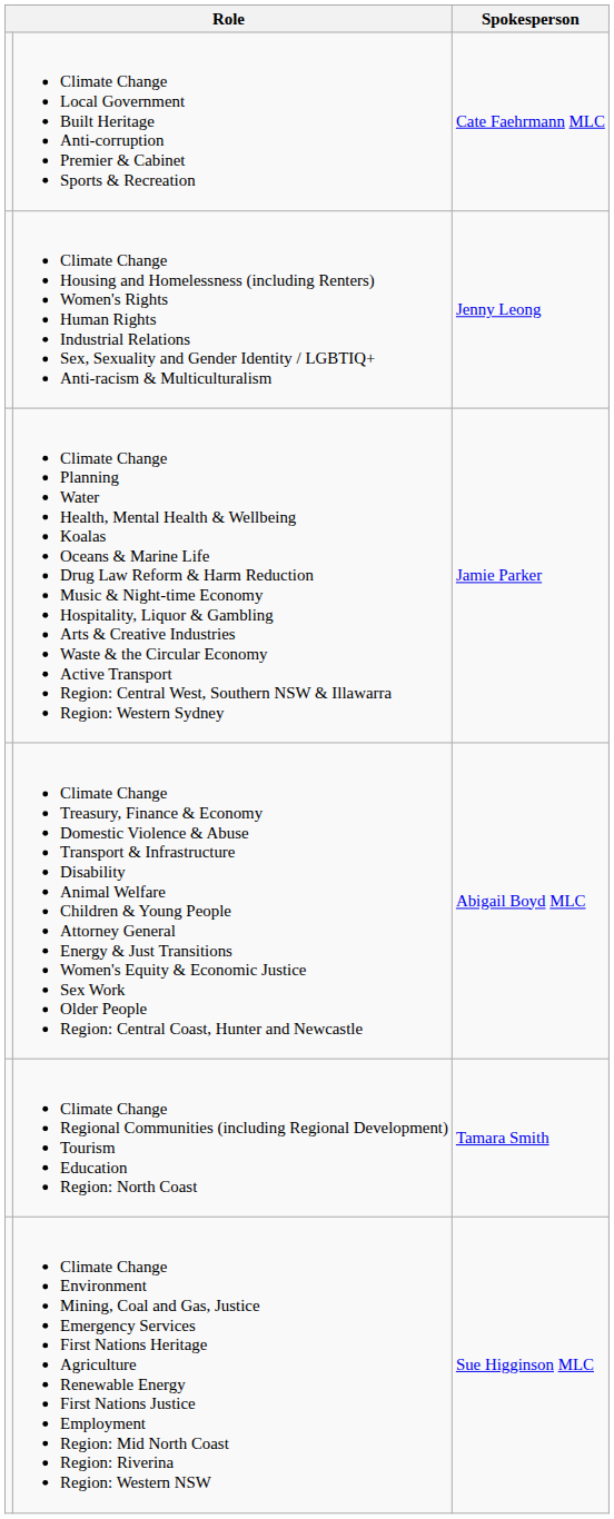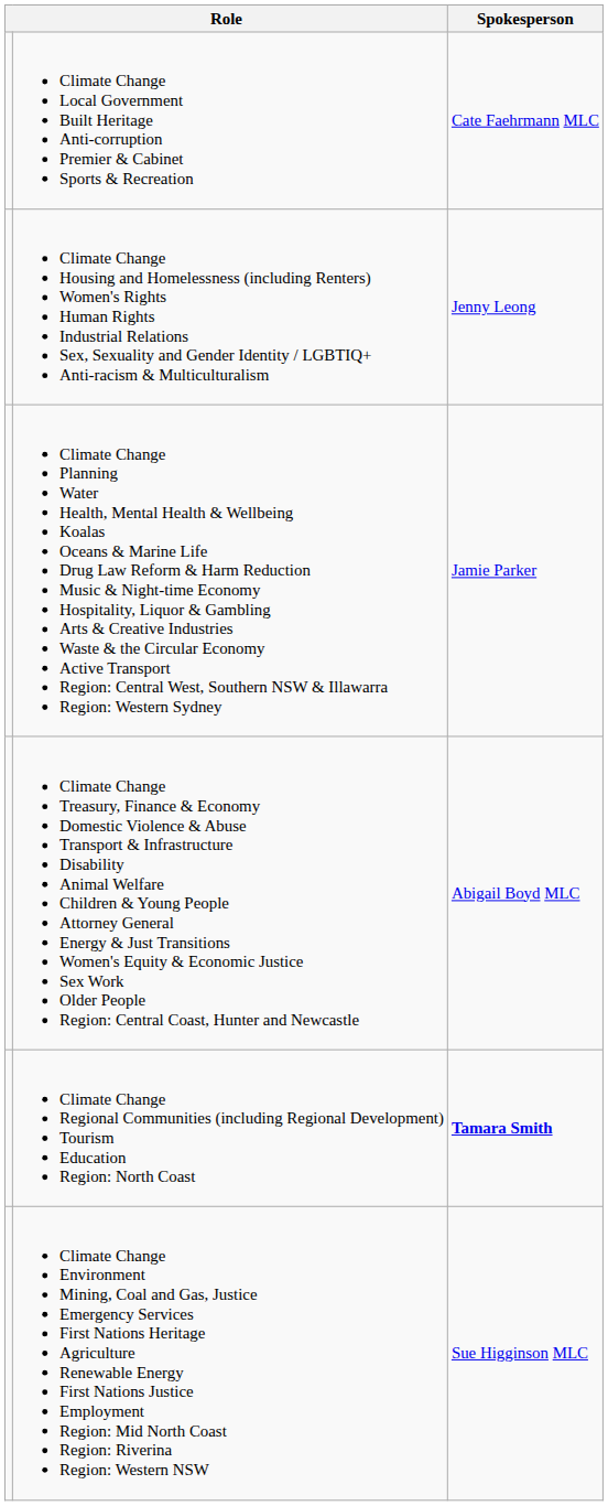 <table class="wikitable" style="text-align:left; font-size:95%">
 <tr>
 <th colspan=2>Role</th>
 <th>Spokesperson</th>
 </tr>
 <tr>
 <td style="background-color: "></td>
 <td><br><ul><li>Climate Change</li><li>Local Government</li><li>Built Heritage</li><li>Anti-corruption</li><li>Premier & Cabinet</li><li>Sports & Recreation</li></ul></td>
 <td><a href='#'>Cate Faehrmann</a>  <a href='#'>MLC</a></td>
 </tr>
 <tr>
 <td style="background-color: "></td>
 <td><br><ul><li>Climate Change</li><li>Housing and Homelessness (including Renters)</li><li>Women's Rights</li><li>Human Rights</li><li>Industrial Relations</li><li>Sex, Sexuality and Gender Identity / LGBTIQ+</li><li>Anti-racism & Multiculturalism</li></ul></td>
 <td><a href='#'>Jenny Leong</a> </td>
 </tr>
 <tr>
 <td style="background-color: "></td>
 <td><br><ul><li>Climate Change</li><li>Planning</li><li>Water</li><li>Health, Mental Health & Wellbeing</li><li>Koalas</li><li>Oceans & Marine Life</li><li>Drug Law Reform & Harm Reduction</li><li>Music & Night-time Economy</li><li>Hospitality, Liquor & Gambling</li><li>Arts & Creative Industries</li><li>Waste & the Circular Economy</li><li>Active Transport</li><li>Region: Central West, Southern NSW & Illawarra</li><li>Region: Western Sydney</li></ul></td>
 <td><a href='#'>Jamie Parker</a> </td>
 </tr>
 <tr>
 <td style="background-color: "></td>
 <td><br><ul><li>Climate Change</li><li>Treasury, Finance & Economy</li><li>Domestic Violence & Abuse</li><li>Transport & Infrastructure</li><li>Disability</li><li>Animal Welfare</li><li>Children & Young People</li><li>Attorney General</li><li>Energy & Just Transitions</li><li>Women's Equity & Economic Justice</li><li>Sex Work</li><li>Older People</li><li>Region: Central Coast, Hunter and Newcastle</li></ul></td>
 <td><a href='#'>Abigail Boyd</a>  <a href='#'>MLC</a></td>
 </tr>
 <tr>
 <td style="background-color: "></td>
 <td><br><ul><li>Climate Change</li><li>Regional Communities (including Regional Development)</li><li>Tourism</li><li>Education</li><li>Region: North Coast</li></ul></td>
-<td><a href='#'>Tamara Smith</a> </td>
+<td><strong><a href='#'>Tamara Smith</a> </strong></td>
 </tr>
 <tr>
 <td style="background-color: "></td>
 <td><br><ul><li>Climate Change</li><li>Environment</li><li>Mining, Coal and Gas, Justice</li><li>Emergency Services</li><li>First Nations Heritage</li><li>Agriculture</li><li>Renewable Energy</li><li>First Nations Justice</li><li>Employment</li><li>Region: Mid North Coast</li><li>Region: Riverina</li><li>Region: Western NSW</li></ul></td>
 <td><a href='#'>Sue Higginson</a>  <a href='#'>MLC</a></td>
 </tr>
 </table>
